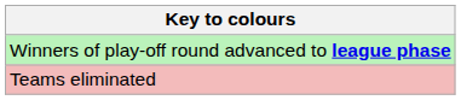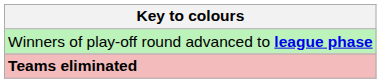 <table class="wikitable">
 <tr>
 <th>Key to colours</th>
 </tr>
 <tr bgcolor=#BBF3BB>
 <td>Winners of play-off round advanced to <strong><a href='#'>league phase</a></strong></td>
 </tr>
 <tr bgcolor=#F3BBBB>
-<td>Teams eliminated</td>
+<td><strong>Teams eliminated</strong></td>
 </tr>
 </table>
